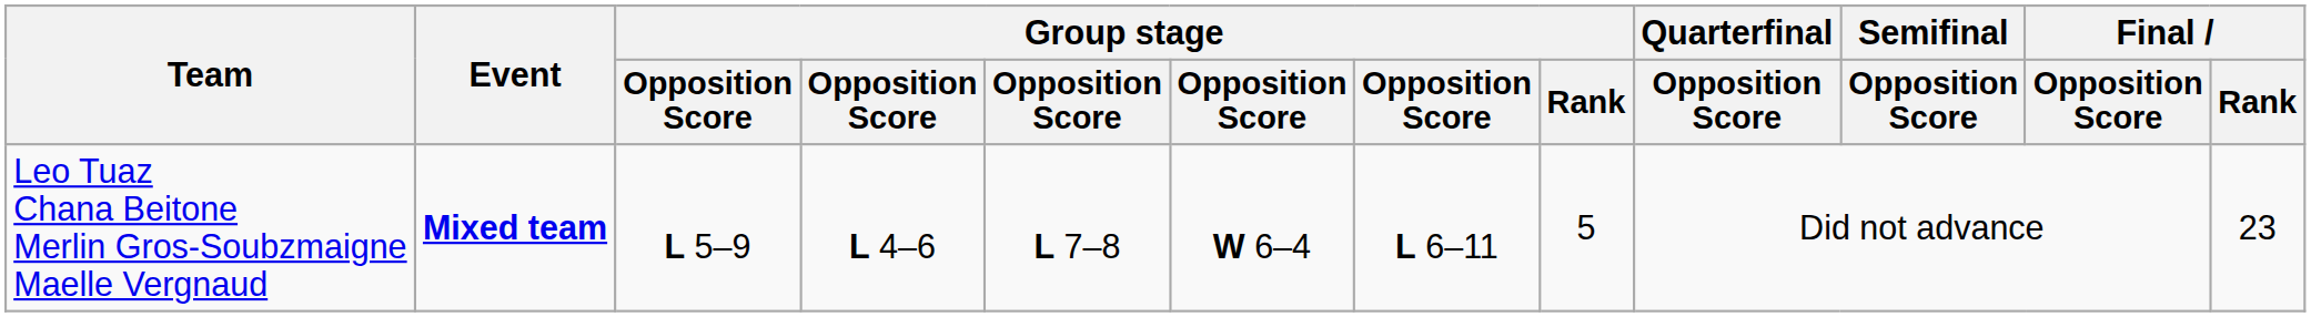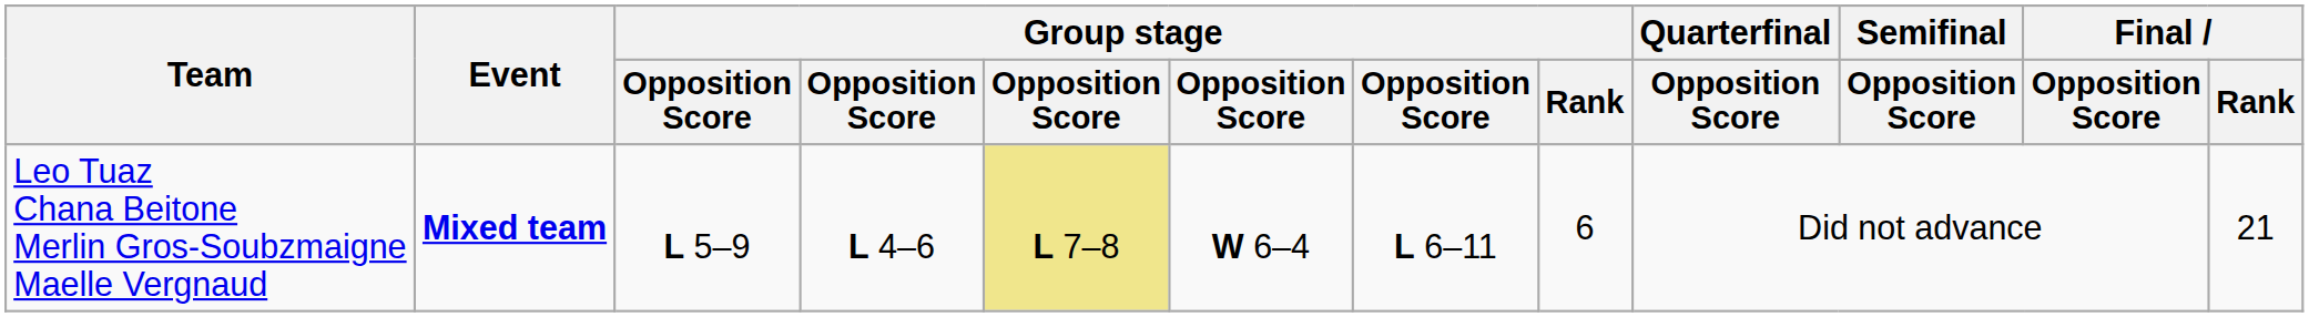 <table class="wikitable" style="font-size:90%">
 <tr>
 <th rowspan=2>Team</th>
 <th rowspan=2>Event</th>
 <th colspan=6>Group stage</th>
 <th>Quarterfinal</th>
 <th>Semifinal</th>
 <th colspan=2>Final / </th>
 </tr>
 <tr style="font-size:95%">
 <th>Opposition<br>Score</th>
 <th>Opposition<br>Score</th>
 <th>Opposition<br>Score</th>
 <th>Opposition<br>Score</th>
 <th>Opposition<br>Score</th>
 <th>Rank</th>
 <th>Opposition<br>Score</th>
 <th>Opposition<br>Score</th>
 <th>Opposition<br>Score</th>
 <th>Rank</th>
 </tr>
 <tr align=center>
 <td align=left><a href='#'>Leo Tuaz</a><br><a href='#'>Chana Beitone</a><br><a href='#'>Merlin Gros-Soubzmaigne</a><br><a href='#'>Maelle Vergnaud</a></td>
 <td align=left><strong><a href='#'>Mixed team</a></strong></td>
 <td><br><strong>L</strong> 5–9</td>
 <td><br><strong>L</strong> 4–6</td>
-<td><br><strong>L</strong> 7–8</td>
+<td style="background: khaki;"><br><strong>L</strong> 7–8</td>
 <td><br><strong>W</strong> 6–4</td>
 <td><br><strong>L</strong> 6–11</td>
-<td>5</td>
+<td>6</td>
 <td align=center colspan=3>Did not advance</td>
-<td>23</td>
+<td>21</td>
 </tr>
 </table>
